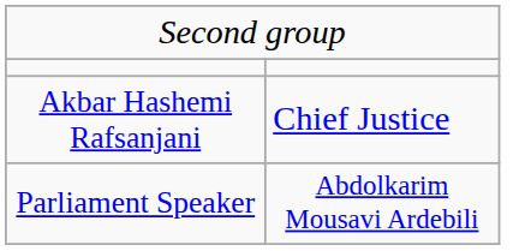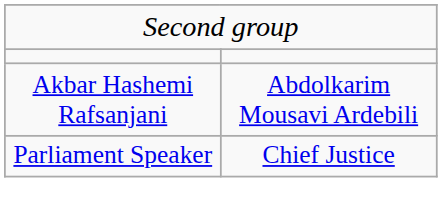 <table class="wikitable">
 <tr>
 <td colspan="8" style="text-align:center; font-size:100%;"><em>Second group</em></td>
 </tr>
 <tr>
 <td></td>
 <td></td>
 </tr>
 <tr>
 <td style="text-align:center; width:8em; font-size:90%;"><a href='#'>Akbar Hashemi Rafsanjani</a></td>
-<td><a href='#'>Chief Justice</a></td>
+<td style="text-align:center; width:8em; font-size:90%;"><a href='#'>Abdolkarim Mousavi Ardebili</a></td>
 </tr>
 <tr style="text-align:center; font-size:90%">
 <td><a href='#'>Parliament Speaker</a></td>
-<td style="text-align:center; width:8em; font-size:90%;"><a href='#'>Abdolkarim Mousavi Ardebili</a></td>
+<td><a href='#'>Chief Justice</a></td>
 </tr>
 </table>
